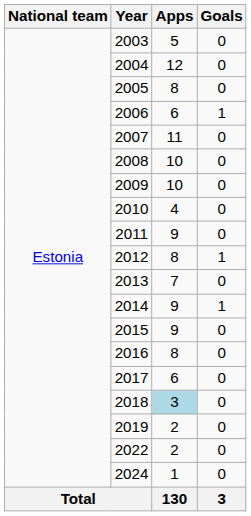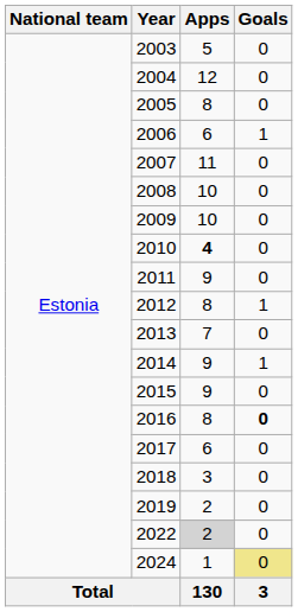 <table class=wikitable style="text-align: center">
 <tr>
 <th>National team</th>
 <th>Year</th>
 <th>Apps</th>
 <th>Goals</th>
 </tr>
 <tr>
 <td rowspan="19"><a href='#'>Estonia</a></td>
 <td>2003</td>
 <td>5</td>
 <td>0</td>
 </tr>
 <tr>
 <td>2004</td>
 <td>12</td>
 <td>0</td>
 </tr>
 <tr>
 <td>2005</td>
 <td>8</td>
 <td>0</td>
 </tr>
 <tr>
 <td>2006</td>
 <td>6</td>
 <td>1</td>
 </tr>
 <tr>
 <td>2007</td>
 <td>11</td>
 <td>0</td>
 </tr>
 <tr>
 <td>2008</td>
 <td>10</td>
 <td>0</td>
 </tr>
 <tr>
 <td>2009</td>
 <td>10</td>
 <td>0</td>
 </tr>
 <tr>
 <td>2010</td>
-<td>4</td>
+<td><strong>4</strong></td>
 <td>0</td>
 </tr>
 <tr>
 <td>2011</td>
 <td>9</td>
 <td>0</td>
 </tr>
 <tr>
 <td>2012</td>
 <td>8</td>
 <td>1</td>
 </tr>
 <tr>
 <td>2013</td>
 <td>7</td>
 <td>0</td>
 </tr>
 <tr>
 <td>2014</td>
 <td>9</td>
 <td>1</td>
 </tr>
 <tr>
 <td>2015</td>
 <td>9</td>
 <td>0</td>
 </tr>
 <tr>
 <td>2016</td>
 <td>8</td>
-<td>0</td>
+<td><strong>0</strong></td>
 </tr>
 <tr>
 <td>2017</td>
 <td>6</td>
 <td>0</td>
 </tr>
 <tr>
 <td>2018</td>
-<td style="background: lightblue;">3</td>
+<td>3</td>
 <td>0</td>
 </tr>
 <tr>
 <td>2019</td>
 <td>2</td>
 <td>0</td>
 </tr>
 <tr>
 <td>2022</td>
-<td>2</td>
+<td style="background: lightgrey;">2</td>
 <td>0</td>
 </tr>
 <tr>
 <td>2024</td>
 <td>1</td>
-<td>0</td>
+<td style="background: khaki;">0</td>
 </tr>
 <tr>
 <th colspan=2>Total</th>
 <th>130</th>
 <th>3</th>
 </tr>
 </table>
